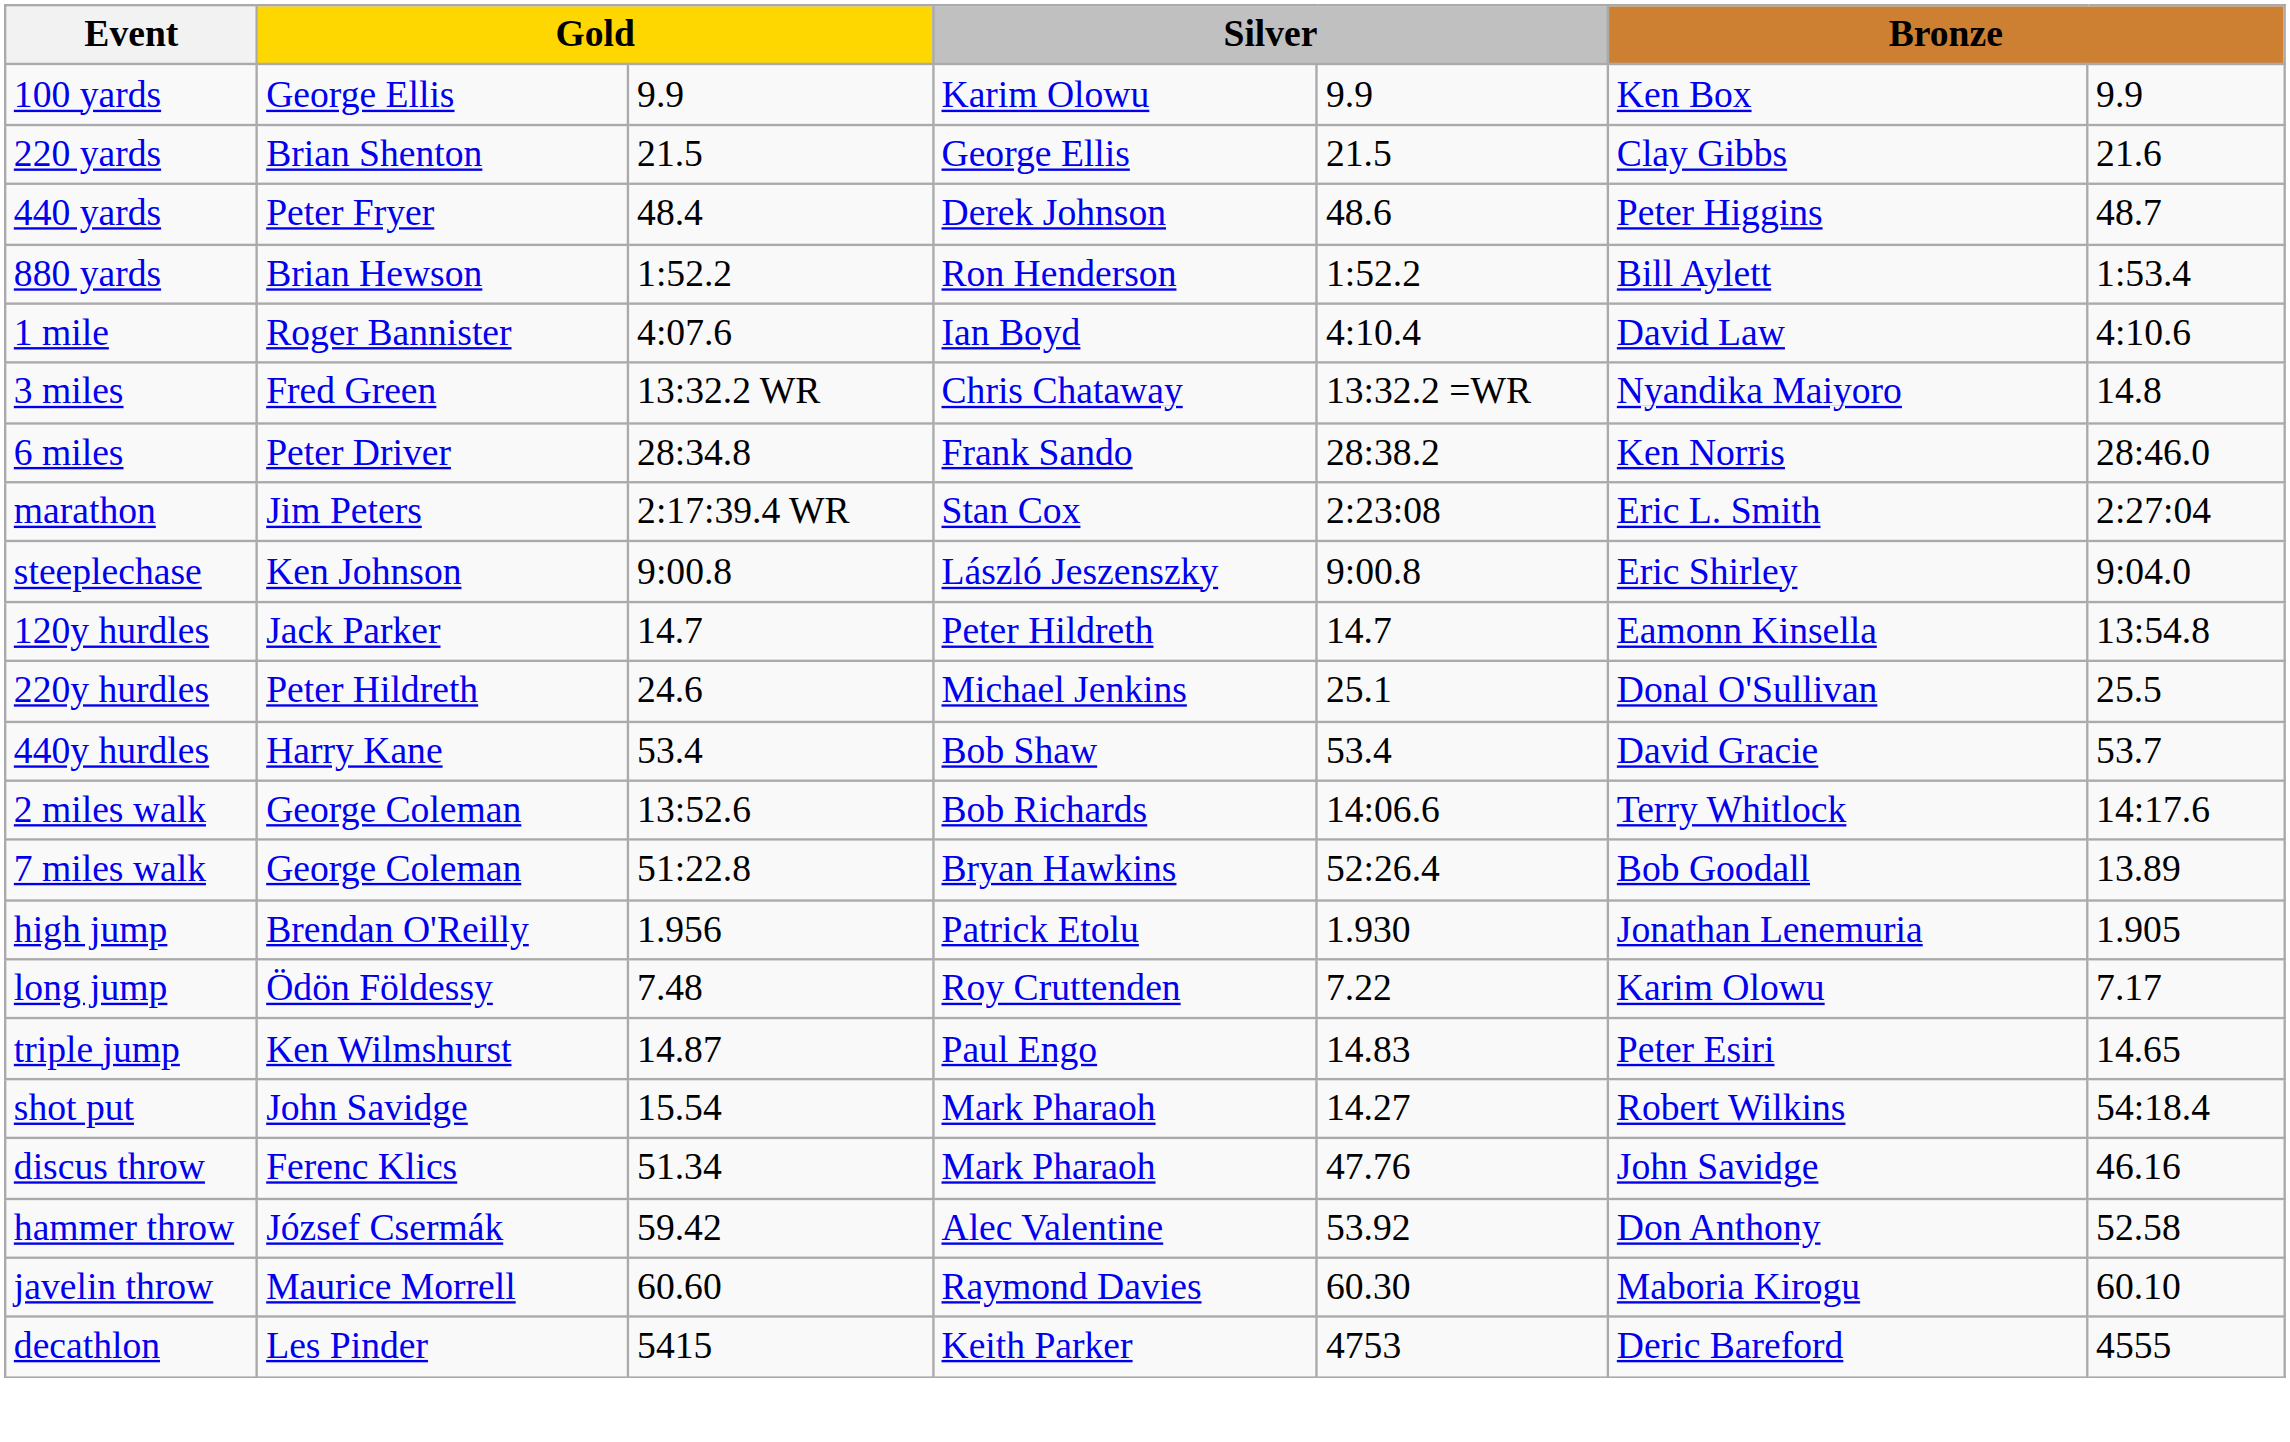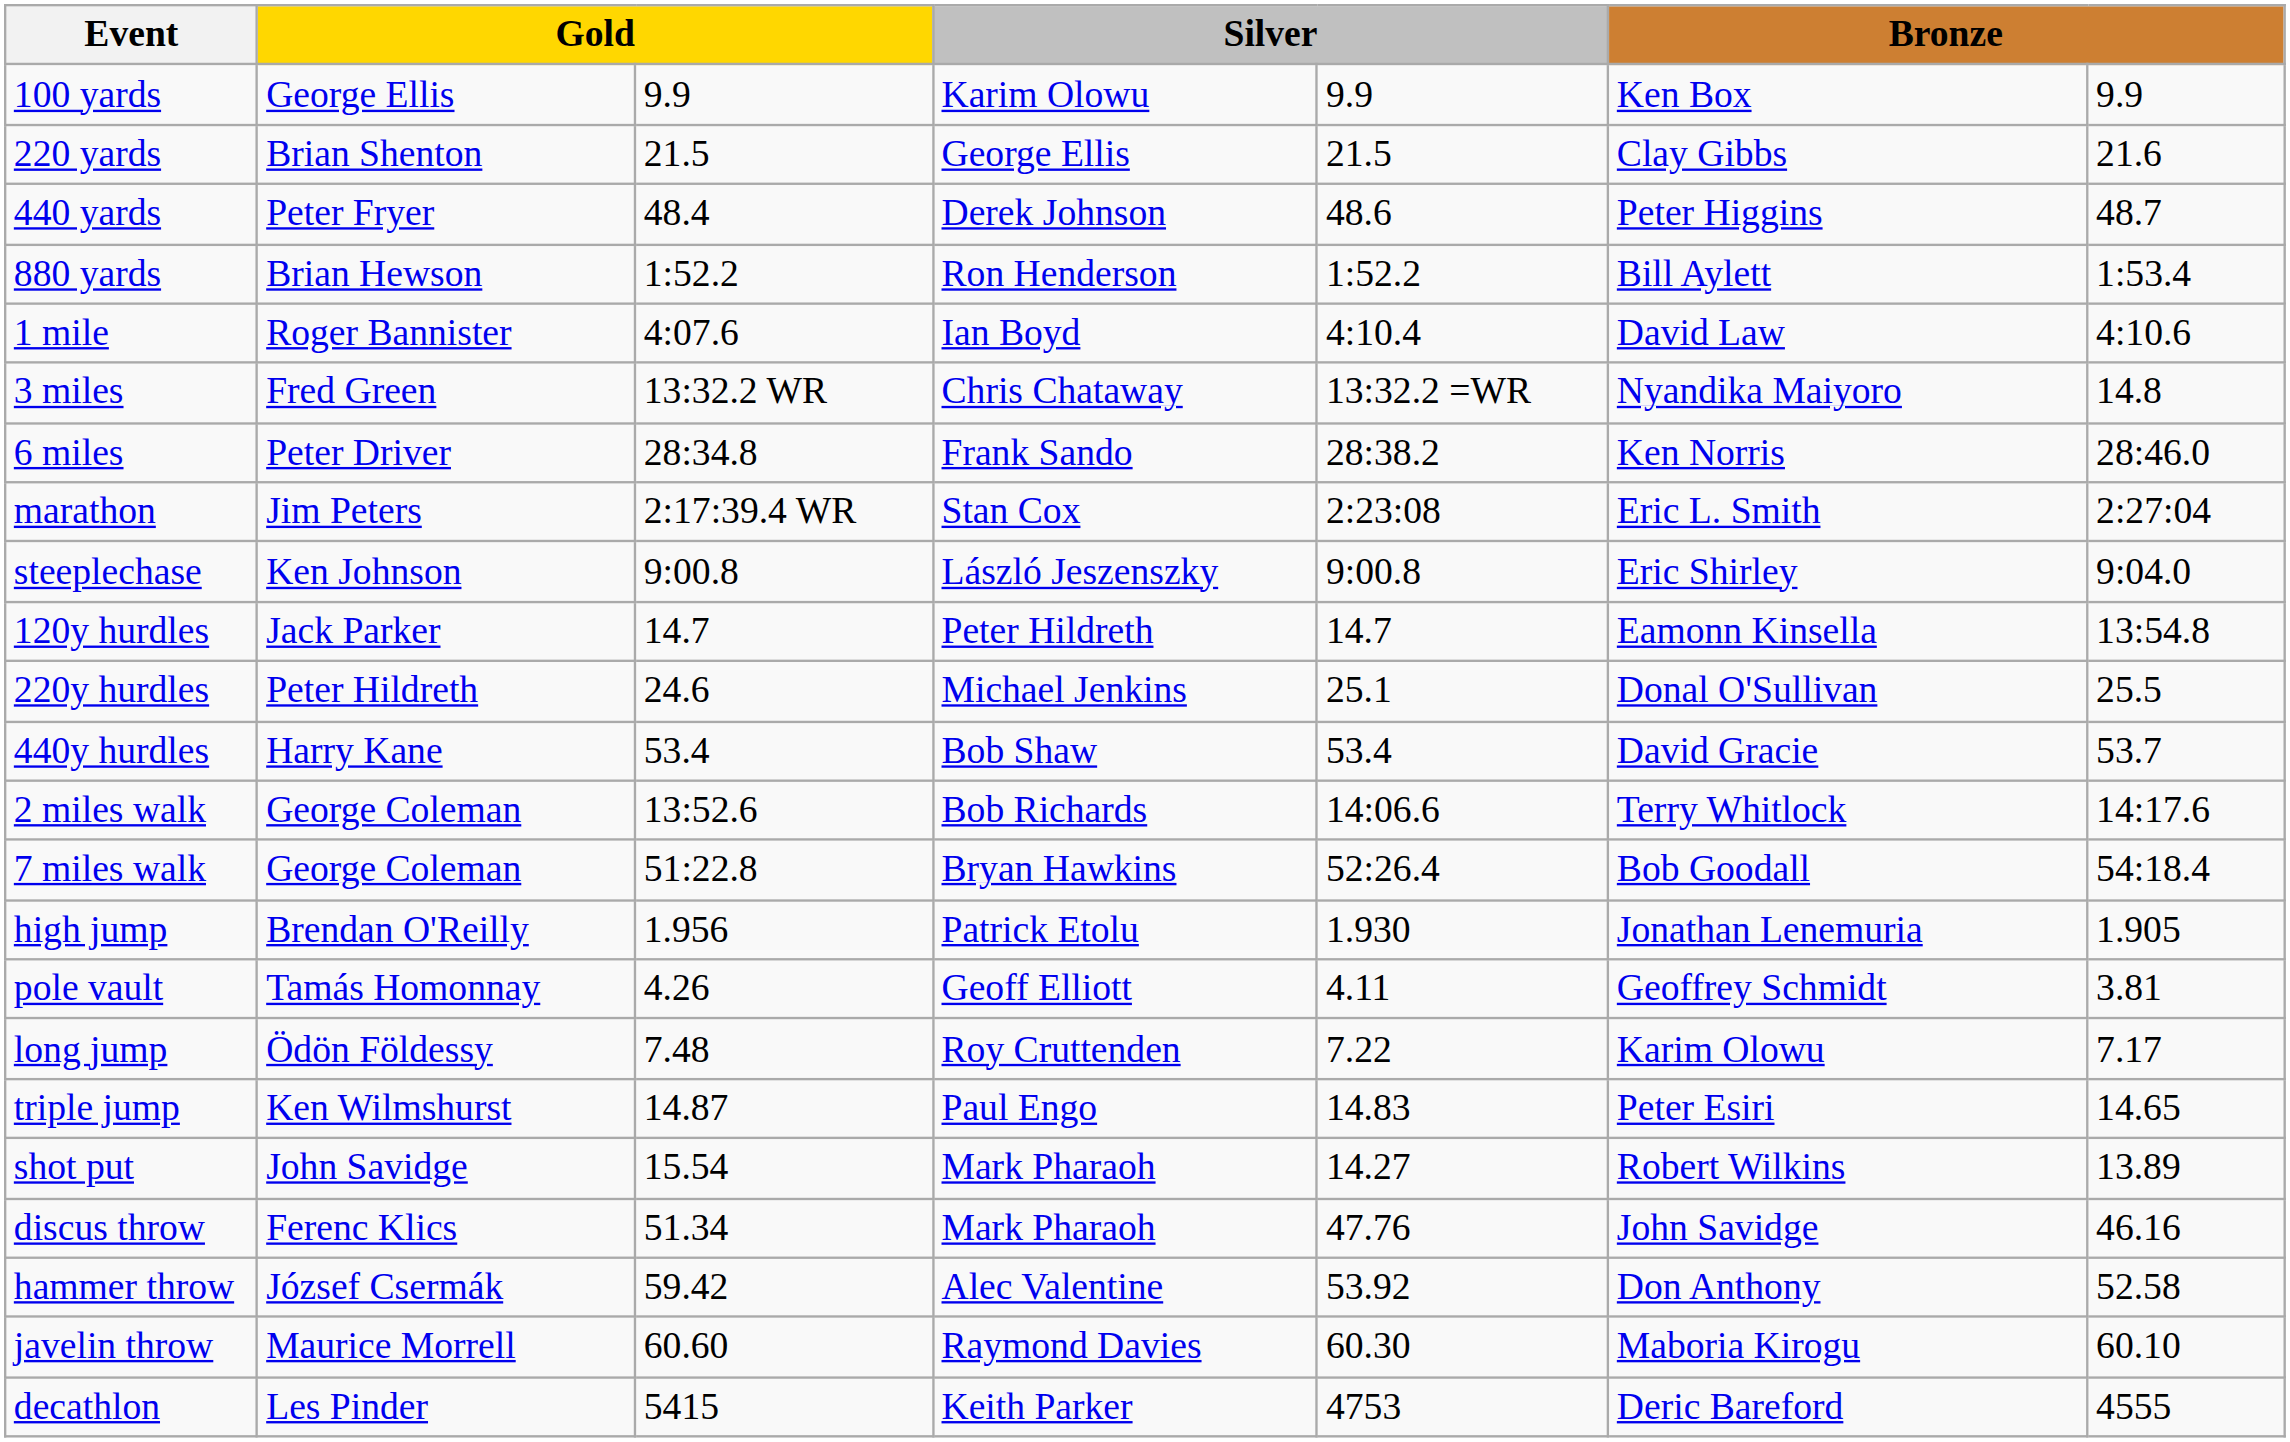 <table class="wikitable" style="text-align:left">
 <tr>
 <th width=100>Event</th>
 <th colspan="2" width="280" style="background:gold;">Gold</th>
 <th colspan="2" width="280" style="background:silver;">Silver</th>
 <th colspan="2" width="280" style="background:#CD7F32;">Bronze</th>
 </tr>
 <tr>
 <td><a href='#'>100 yards</a></td>
 <td><a href='#'>George Ellis</a></td>
 <td>9.9</td>
 <td> <a href='#'>Karim Olowu</a></td>
 <td>9.9</td>
 <td><a href='#'>Ken Box</a></td>
 <td>9.9</td>
 </tr>
 <tr>
 <td><a href='#'>220 yards</a></td>
 <td><a href='#'>Brian Shenton</a></td>
 <td>21.5</td>
 <td><a href='#'>George Ellis</a></td>
 <td>21.5</td>
 <td> <a href='#'>Clay Gibbs</a></td>
 <td>21.6</td>
 </tr>
 <tr>
 <td><a href='#'>440 yards</a></td>
 <td><a href='#'>Peter Fryer</a></td>
 <td>48.4</td>
 <td><a href='#'>Derek Johnson</a></td>
 <td>48.6</td>
 <td><a href='#'>Peter Higgins</a></td>
 <td>48.7</td>
 </tr>
 <tr>
 <td><a href='#'>880 yards</a></td>
 <td><a href='#'>Brian Hewson</a></td>
 <td>1:52.2</td>
 <td><a href='#'>Ron Henderson</a></td>
 <td>1:52.2</td>
 <td><a href='#'>Bill Aylett</a></td>
 <td>1:53.4</td>
 </tr>
 <tr>
 <td><a href='#'>1 mile</a></td>
 <td><a href='#'>Roger Bannister</a></td>
 <td>4:07.6</td>
 <td><a href='#'>Ian Boyd</a></td>
 <td>4:10.4</td>
 <td><a href='#'>David Law</a></td>
 <td>4:10.6</td>
 </tr>
 <tr>
 <td><a href='#'>3 miles</a></td>
 <td><a href='#'>Fred Green</a></td>
 <td>13:32.2 WR</td>
 <td><a href='#'>Chris Chataway</a></td>
 <td>13:32.2 =WR</td>
 <td> <a href='#'>Nyandika Maiyoro</a></td>
 <td>14.8</td>
 </tr>
 <tr>
 <td><a href='#'>6 miles</a></td>
 <td><a href='#'>Peter Driver</a></td>
 <td>28:34.8</td>
 <td><a href='#'>Frank Sando</a></td>
 <td>28:38.2</td>
 <td><a href='#'>Ken Norris</a></td>
 <td>28:46.0</td>
 </tr>
 <tr>
 <td><a href='#'>marathon</a></td>
 <td><a href='#'>Jim Peters</a></td>
 <td>2:17:39.4 WR</td>
 <td><a href='#'>Stan Cox</a></td>
 <td>2:23:08</td>
 <td><a href='#'>Eric L. Smith</a></td>
 <td>2:27:04</td>
 </tr>
 <tr>
 <td><a href='#'>steeplechase</a></td>
 <td><a href='#'>Ken Johnson</a></td>
 <td>9:00.8</td>
 <td> <a href='#'>László Jeszenszky</a></td>
 <td>9:00.8</td>
 <td><a href='#'>Eric Shirley</a></td>
 <td>9:04.0</td>
 </tr>
 <tr>
 <td><a href='#'>120y hurdles</a></td>
 <td><a href='#'>Jack Parker</a></td>
 <td>14.7</td>
 <td><a href='#'>Peter Hildreth</a></td>
 <td>14.7</td>
 <td> <a href='#'>Eamonn Kinsella</a></td>
 <td>13:54.8</td>
 </tr>
 <tr>
 <td><a href='#'>220y hurdles</a></td>
 <td><a href='#'>Peter Hildreth</a></td>
 <td>24.6</td>
 <td><a href='#'>Michael Jenkins</a></td>
 <td>25.1</td>
 <td><a href='#'>Donal O'Sullivan</a></td>
 <td>25.5</td>
 </tr>
 <tr>
 <td><a href='#'>440y hurdles</a></td>
 <td><a href='#'>Harry Kane</a></td>
 <td>53.4</td>
 <td> <a href='#'>Bob Shaw</a></td>
 <td>53.4</td>
 <td> <a href='#'>David Gracie</a></td>
 <td>53.7</td>
 </tr>
 <tr>
 <td><a href='#'>2 miles walk</a></td>
 <td><a href='#'>George Coleman</a></td>
 <td>13:52.6</td>
 <td><a href='#'>Bob Richards</a></td>
 <td>14:06.6</td>
 <td><a href='#'>Terry Whitlock</a></td>
 <td>14:17.6</td>
 </tr>
 <tr>
 <td><a href='#'>7 miles walk</a></td>
 <td><a href='#'>George Coleman</a></td>
 <td>51:22.8</td>
 <td><a href='#'>Bryan Hawkins</a></td>
 <td>52:26.4</td>
 <td><a href='#'>Bob Goodall</a></td>
-<td>13.89</td>
+<td>54:18.4</td>
 </tr>
 <tr>
 <td><a href='#'>high jump</a></td>
 <td> <a href='#'>Brendan O'Reilly</a></td>
 <td>1.956</td>
 <td> <a href='#'>Patrick Etolu</a></td>
 <td>1.930</td>
 <td> <a href='#'>Jonathan Lenemuria</a></td>
 <td>1.905</td>
+</tr>
+<tr>
+<td><a href='#'>pole vault</a></td>
+<td> <a href='#'>Tamás Homonnay</a></td>
+<td>4.26</td>
+<td><a href='#'>Geoff Elliott</a></td>
+<td>4.11</td>
+<td><a href='#'>Geoffrey Schmidt</a></td>
+<td>3.81</td>
 </tr>
 <tr>
 <td><a href='#'>long jump</a></td>
 <td> <a href='#'>Ödön Földessy</a></td>
 <td>7.48</td>
 <td><a href='#'>Roy Cruttenden</a></td>
 <td>7.22</td>
 <td> <a href='#'>Karim Olowu</a></td>
 <td>7.17</td>
 </tr>
 <tr>
 <td><a href='#'>triple jump</a></td>
 <td><a href='#'>Ken Wilmshurst</a></td>
 <td>14.87</td>
 <td> <a href='#'>Paul Engo</a></td>
 <td>14.83</td>
 <td> <a href='#'>Peter Esiri</a></td>
 <td>14.65</td>
 </tr>
 <tr>
 <td><a href='#'>shot put</a></td>
 <td><a href='#'>John Savidge</a></td>
 <td>15.54</td>
 <td><a href='#'>Mark Pharaoh</a></td>
 <td>14.27</td>
 <td><a href='#'>Robert Wilkins</a></td>
-<td>54:18.4</td>
+<td>13.89</td>
 </tr>
 <tr>
 <td><a href='#'>discus throw</a></td>
 <td> <a href='#'>Ferenc Klics</a></td>
 <td>51.34</td>
 <td><a href='#'>Mark Pharaoh</a></td>
 <td>47.76</td>
 <td><a href='#'>John Savidge</a></td>
 <td>46.16</td>
 </tr>
 <tr>
 <td><a href='#'>hammer throw</a></td>
 <td> <a href='#'>József Csermák</a></td>
 <td>59.42</td>
 <td> <a href='#'>Alec Valentine</a></td>
 <td>53.92</td>
 <td><a href='#'>Don Anthony</a></td>
 <td>52.58</td>
 </tr>
 <tr>
 <td><a href='#'>javelin throw</a></td>
 <td><a href='#'>Maurice Morrell</a></td>
 <td>60.60</td>
 <td><a href='#'>Raymond Davies</a></td>
 <td>60.30</td>
 <td> <a href='#'>Maboria Kirogu</a></td>
 <td>60.10</td>
 </tr>
 <tr>
 <td><a href='#'>decathlon</a></td>
 <td><a href='#'>Les Pinder</a></td>
 <td>5415</td>
 <td><a href='#'>Keith Parker</a></td>
 <td>4753</td>
 <td><a href='#'>Deric Bareford</a></td>
 <td>4555</td>
 </tr>
 </table>
